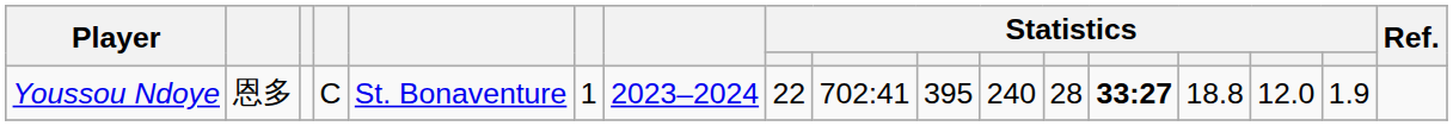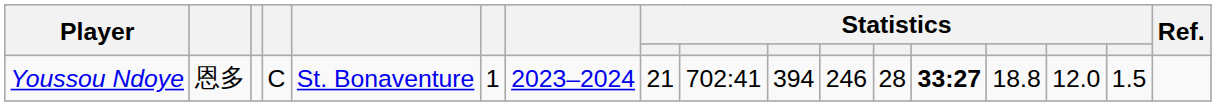 <table class="wikitable sortable" style="font-size:95%; text-align:right;">
 <tr>
 <th rowspan="2">Player</th>
 <th rowspan="2"></th>
 <th rowspan="2"></th>
 <th rowspan="2"></th>
 <th rowspan="2"></th>
 <th rowspan="2"></th>
 <th rowspan="2"></th>
 <th colspan="9">Statistics</th>
 <th rowspan="2">Ref.</th>
 </tr>
 <tr>
 <th></th>
 <th></th>
 <th></th>
 <th></th>
 <th></th>
 <th></th>
 <th></th>
 <th></th>
 <th></th>
 </tr>
 <tr>
 <td align="left"><em><a href='#'>Youssou Ndoye</a></em></td>
 <td align="left">恩多</td>
 <td align="center"></td>
 <td align="center">C</td>
 <td align="left"><a href='#'>St. Bonaventure</a></td>
 <td align="center">1</td>
 <td align="center"><a href='#'>2023–2024</a></td>
-<td>22</td>
+<td>21</td>
 <td>702:41</td>
-<td>395</td>
-<td>240</td>
+<td>394</td>
+<td>246</td>
 <td>28</td>
 <td><strong>33:27</strong></td>
 <td>18.8</td>
 <td>12.0</td>
-<td>1.9</td>
+<td>1.5</td>
 <td align="center"></td>
 </tr>
 </table>
